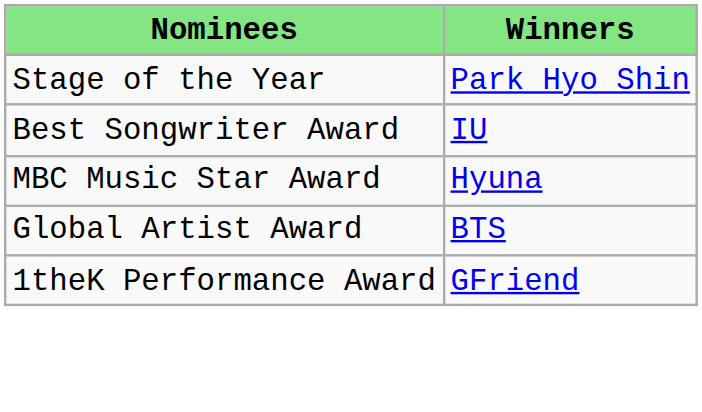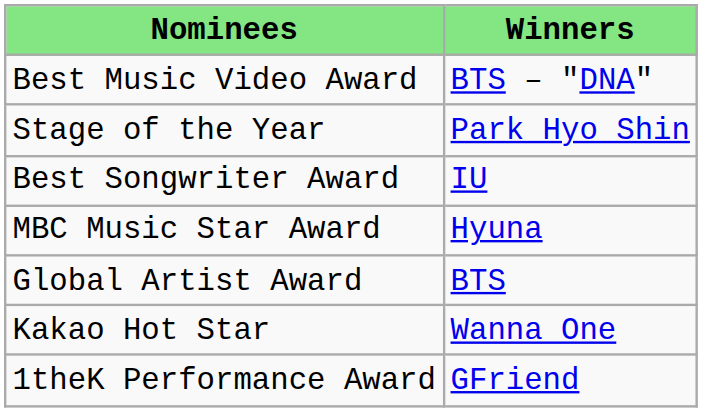 <table class="wikitable">
 <tr>
 <th style="background:#83e683;">Nominees</th>
 <th style="background:#83e683;">Winners</th>
+</tr>
+<tr>
+<td>Best Music Video Award</td>
+<td><a href='#'>BTS</a> – "<a href='#'>DNA</a>"</td>
 </tr>
 <tr>
 <td>Stage of the Year</td>
 <td><a href='#'>Park Hyo Shin</a></td>
 </tr>
 <tr>
 <td>Best Songwriter Award</td>
 <td><a href='#'>IU</a></td>
 </tr>
 <tr>
 <td>MBC Music Star Award</td>
 <td><a href='#'>Hyuna</a></td>
 </tr>
 <tr>
 <td>Global Artist Award</td>
 <td><a href='#'>BTS</a></td>
 </tr>
 <tr>
+<td>Kakao Hot Star</td>
+<td><a href='#'>Wanna One</a></td>
+</tr>
+<tr>
 <td>1theK Performance Award</td>
 <td><a href='#'>GFriend</a></td>
 </tr>
 </table>
